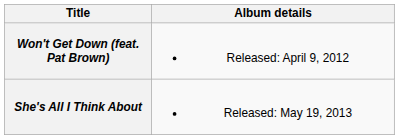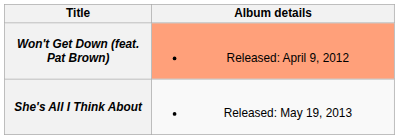 <table class="wikitable plainrowheaders" style="text-align:center;">
 <tr>
 <th scope="col" style="width:12em;">Title</th>
 <th scope="col" style="width:20em;">Album details</th>
 </tr>
 <tr>
 <th scope="row"><em>Won't Get Down (feat. Pat Brown)</em></th>
-<td><br><ul><li>Released: April 9, 2012</li></ul></td>
+<td style="background: lightsalmon;"><br><ul><li>Released: April 9, 2012</li></ul></td>
 </tr>
 <tr>
 <th scope="row"><em>She's All I Think About</em></th>
 <td><br><ul><li>Released: May 19, 2013</li></ul></td>
 </tr>
 </table>
